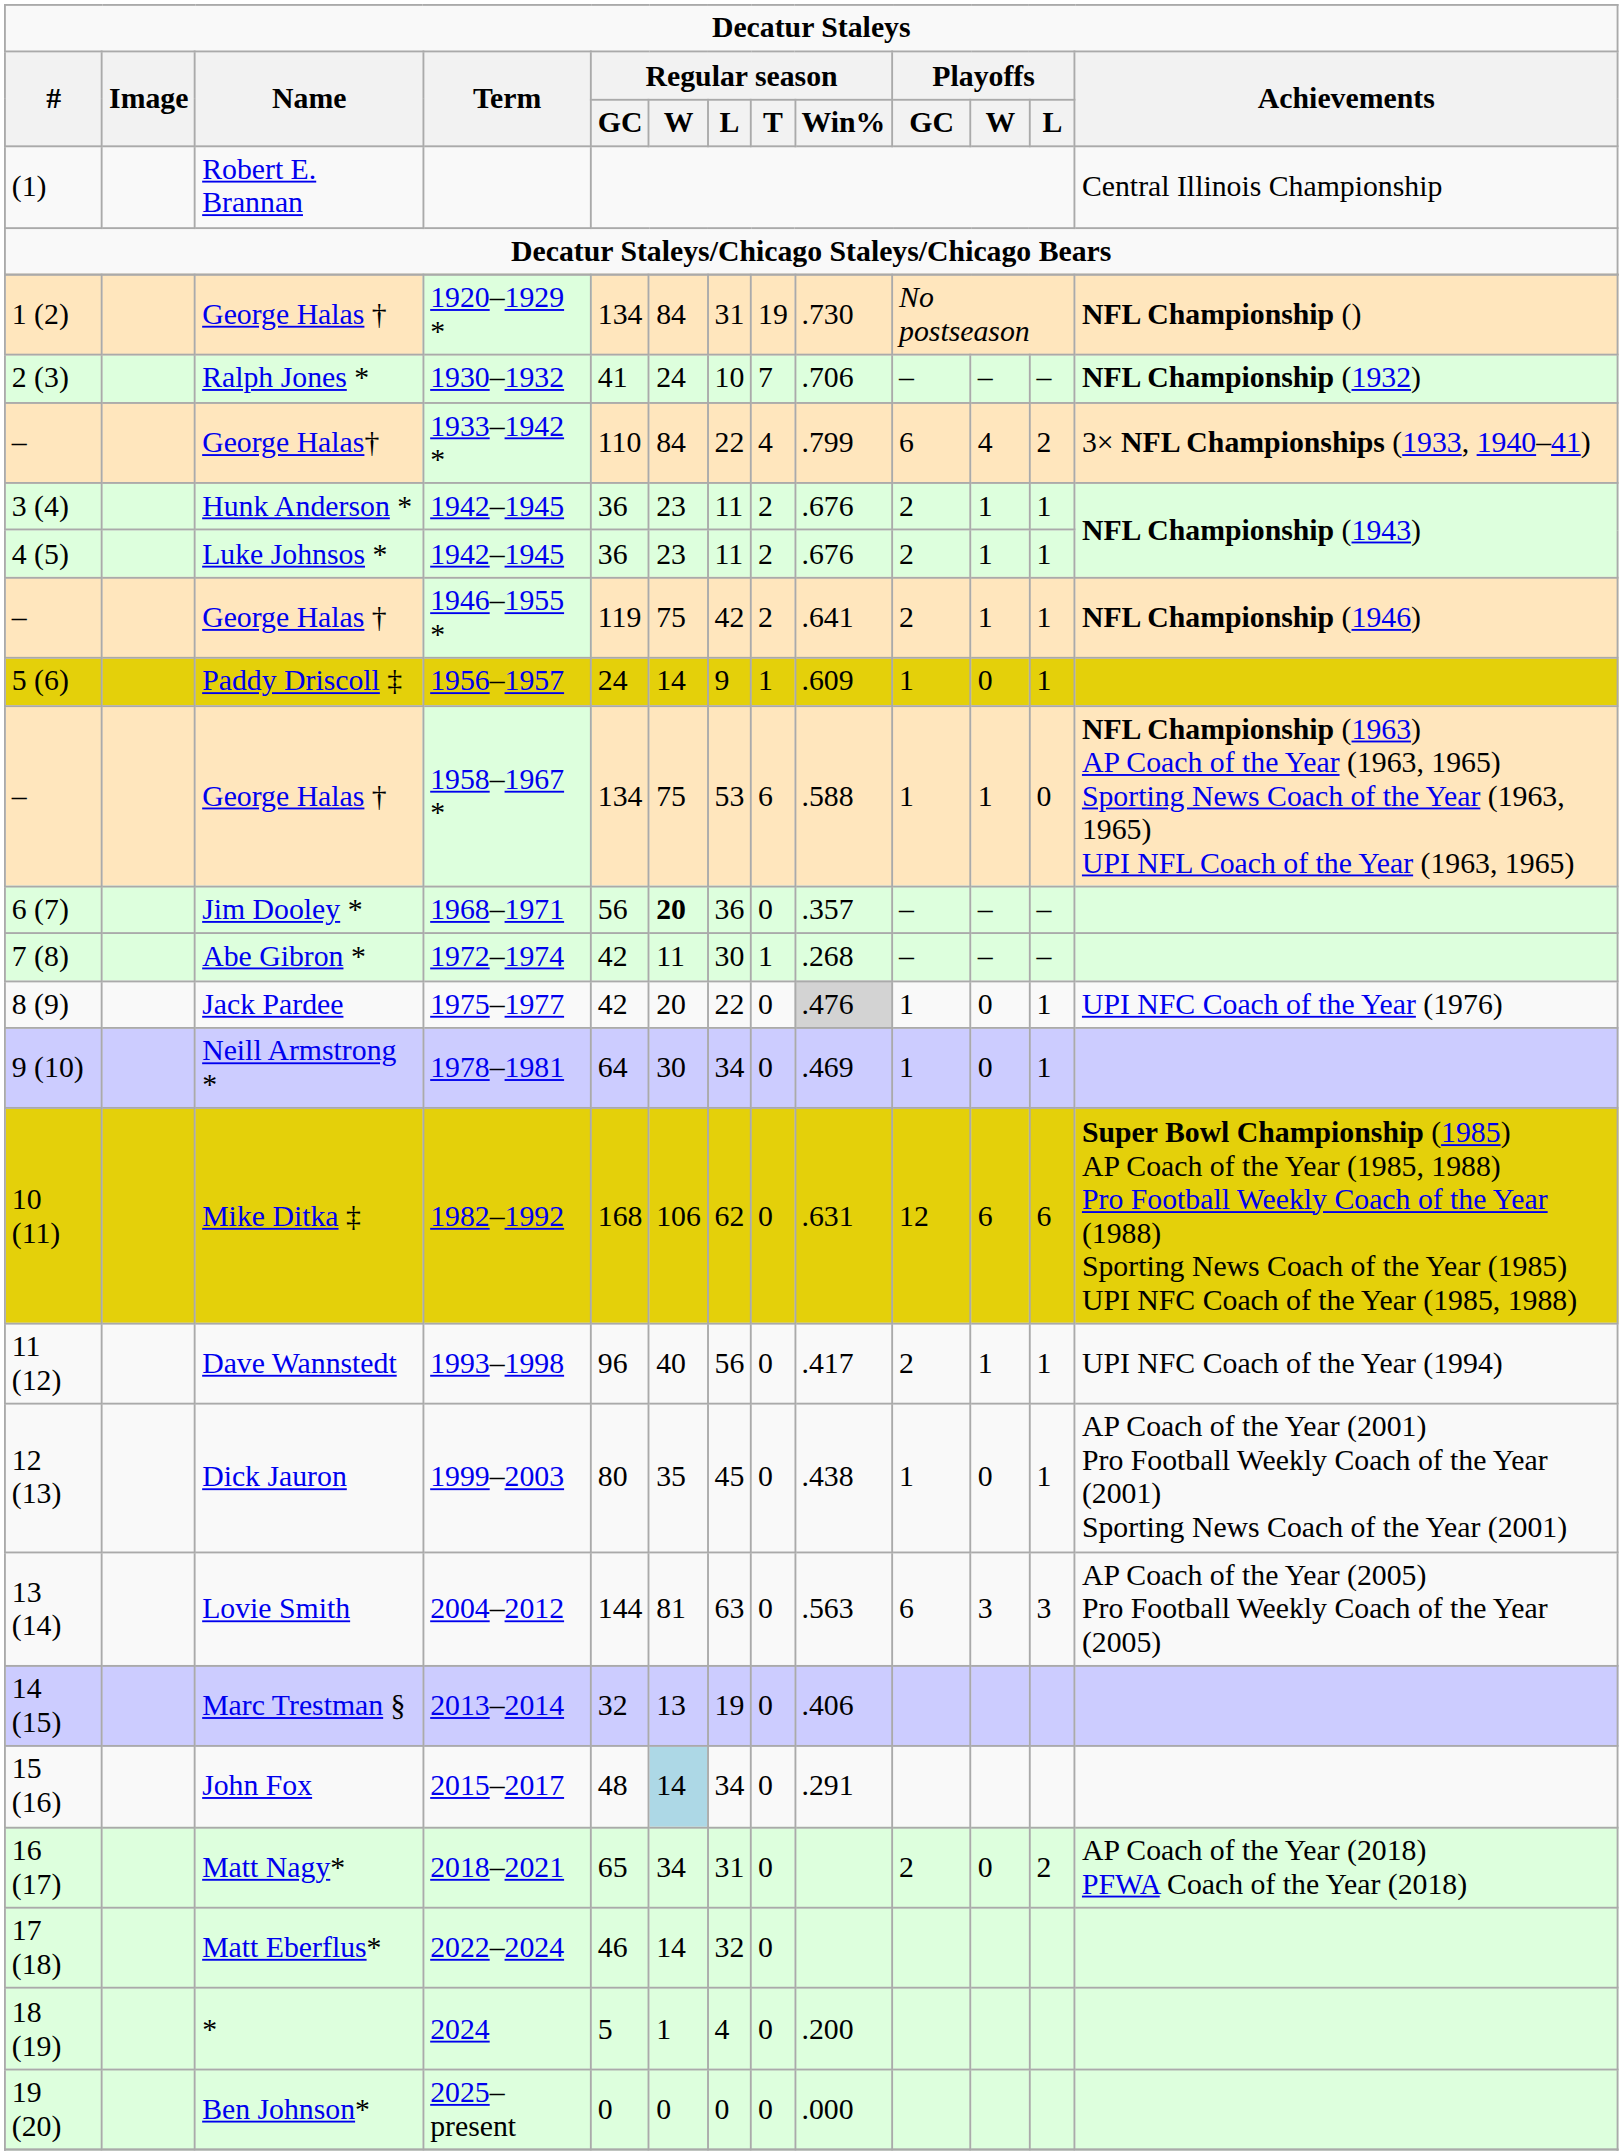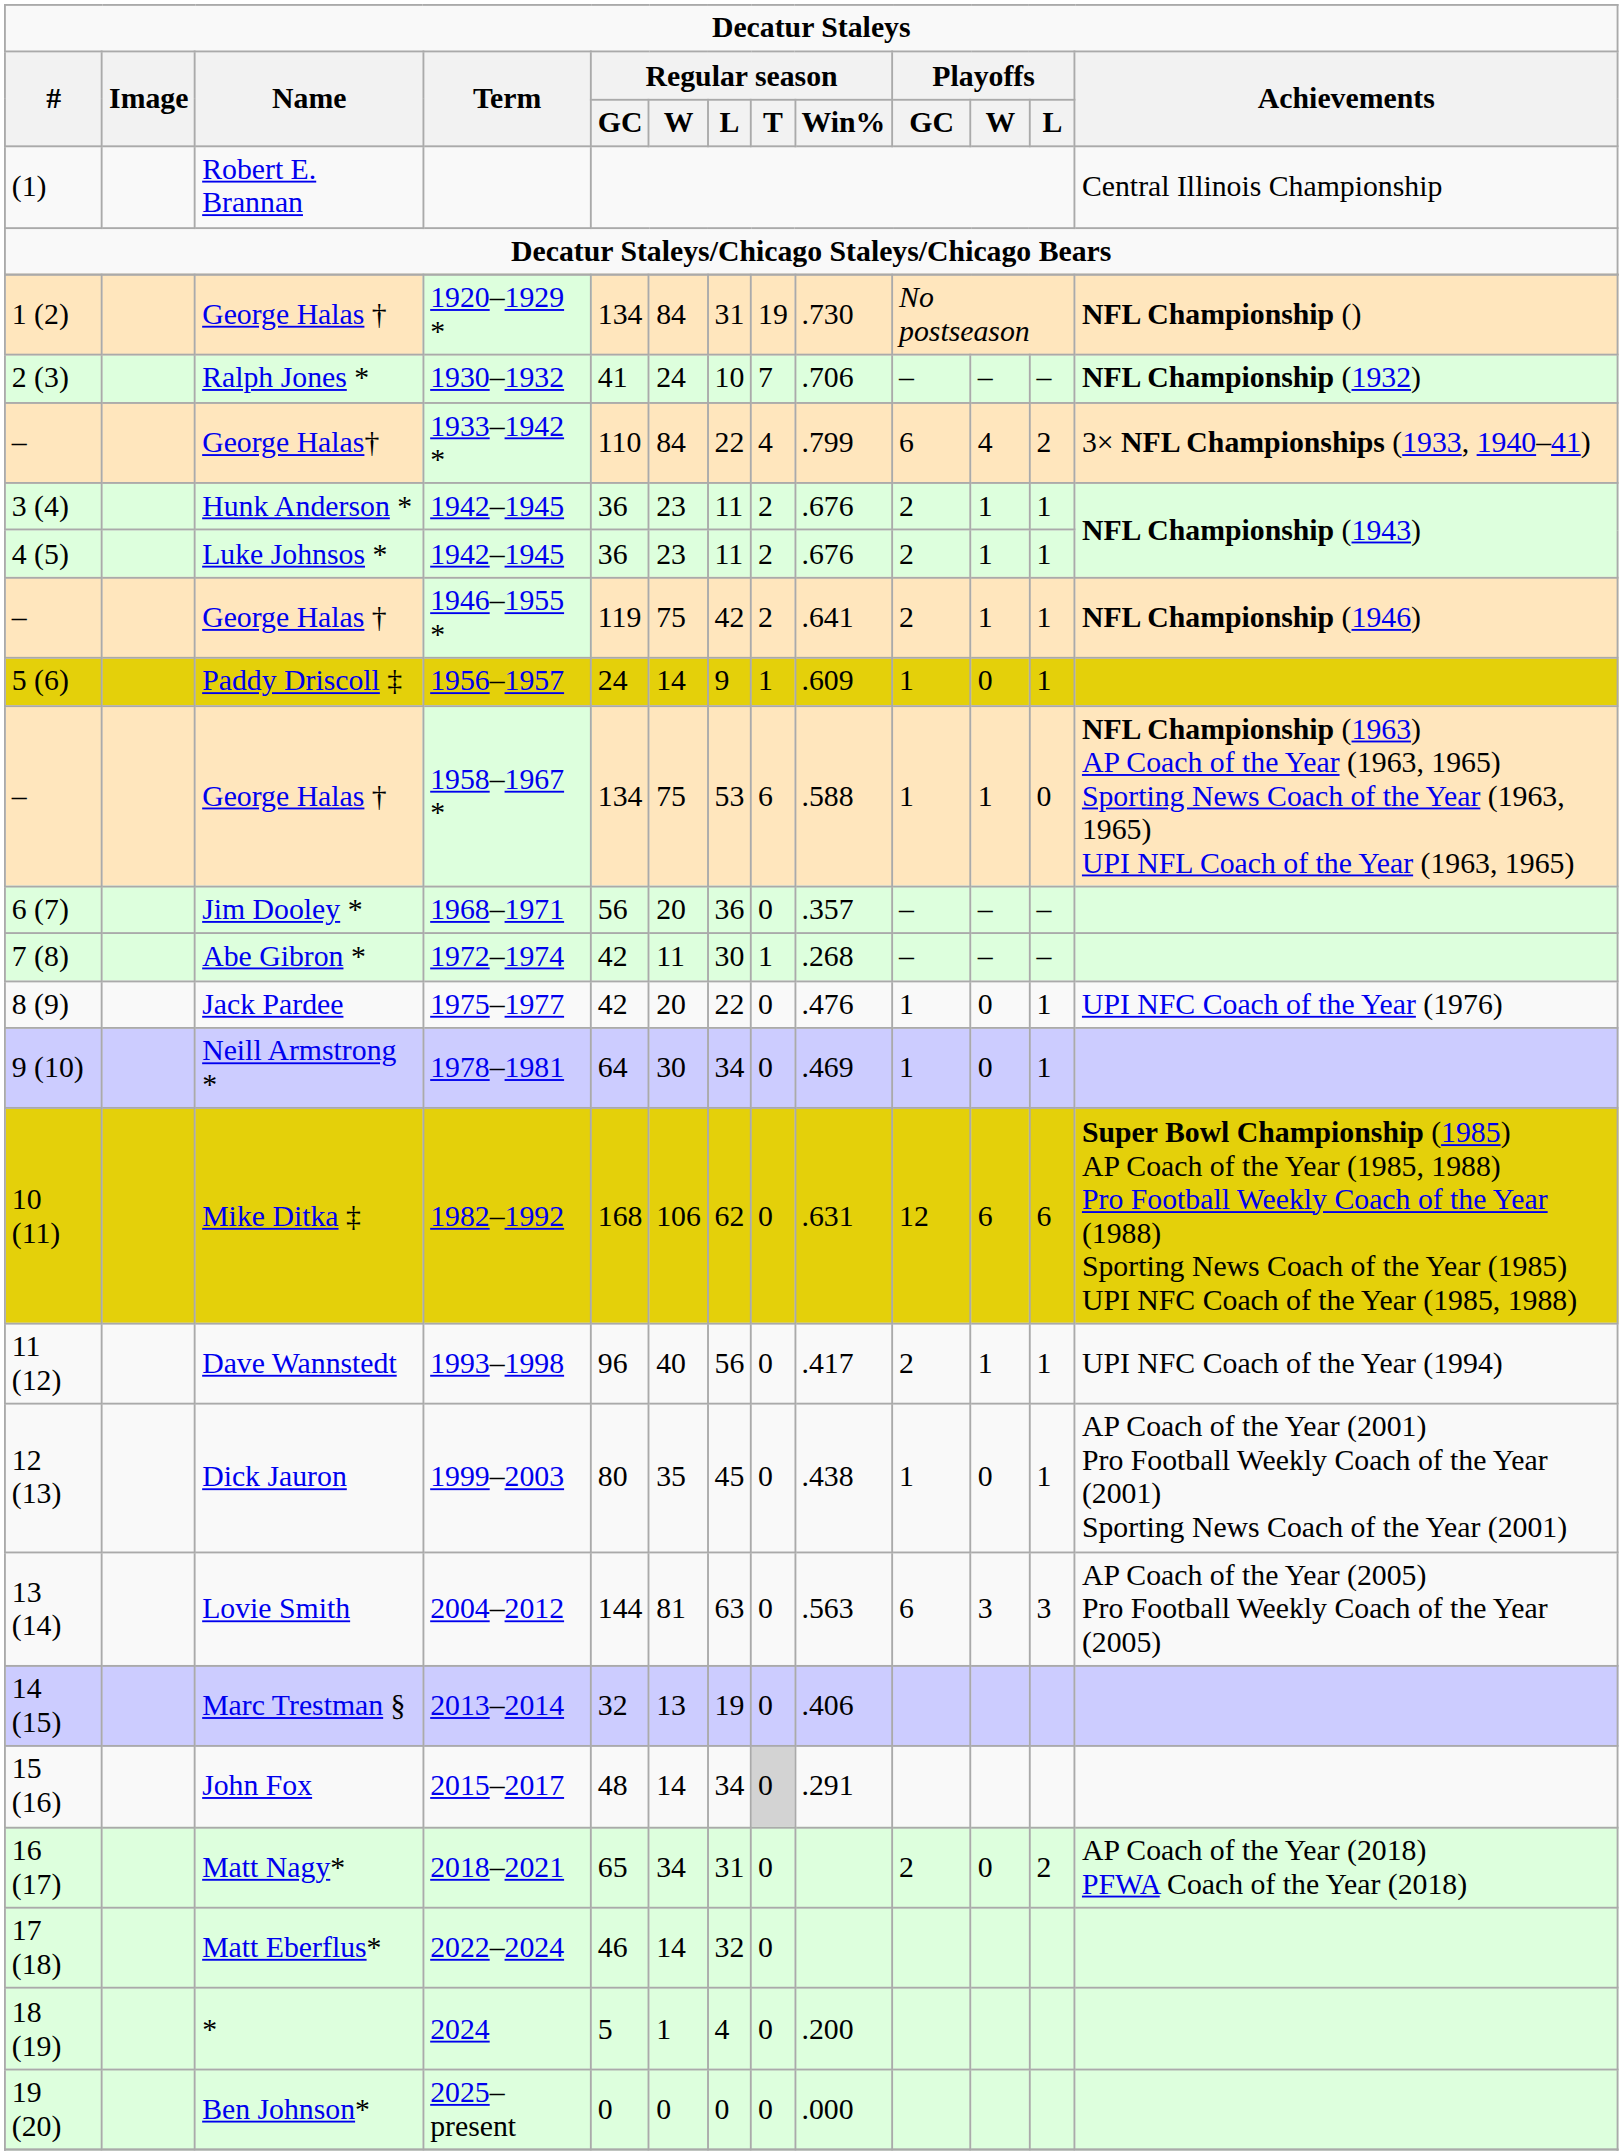 <table class="wikitable">
 <tr>
 <td align="center" colspan="19"><strong>Decatur Staleys</strong></td>
 </tr>
 <tr>
 <th rowspan="2">#</th>
 <th rowspan="2">Image</th>
 <th rowspan="2">Name</th>
 <th rowspan="2">Term</th>
 <th colspan="5">Regular season</th>
 <th colspan="3">Playoffs</th>
 <th rowspan="2">Achievements</th>
 </tr>
 <tr>
 <th>GC</th>
 <th>W</th>
 <th>L</th>
 <th>T</th>
 <th>Win%</th>
 <th>GC</th>
 <th>W</th>
 <th>L</th>
 </tr>
 <tr>
 <td>(1)</td>
 <td></td>
 <td><a href='#'>Robert E. Brannan</a></td>
 <td></td>
 <td rowspan="1" colspan="8"></td>
 <td>Central Illinois Championship</td>
 </tr>
 <tr>
 <td align="center" colspan="19"><strong>Decatur Staleys/Chicago Staleys/Chicago Bears</strong></td>
 </tr>
 <tr>
 </tr>
 <tr bgcolor="#FFE6BD">
 <td>1 (2)</td>
 <td></td>
 <td><a href='#'>George Halas</a> †</td>
 <td bgcolor="#ddffdd"><a href='#'>1920</a>–<a href='#'>1929</a> *</td>
 <td>134</td>
 <td>84</td>
 <td>31</td>
 <td>19</td>
 <td>.730</td>
 <td valign="middle" colspan="3"><em>No postseason</em></td>
 <td><strong>NFL Championship</strong> ()</td>
 </tr>
 <tr bgcolor="#ddffdd">
 <td>2 (3)</td>
 <td></td>
 <td><a href='#'>Ralph Jones</a> *</td>
 <td><a href='#'>1930</a>–<a href='#'>1932</a></td>
 <td>41</td>
 <td>24</td>
 <td>10</td>
 <td>7</td>
 <td>.706</td>
 <td>–</td>
 <td>–</td>
 <td>–</td>
 <td><strong>NFL Championship</strong> (<a href='#'>1932</a>)</td>
 </tr>
 <tr bgcolor="#FFE6BD">
 <td>–</td>
 <td></td>
 <td><a href='#'>George Halas</a>†</td>
 <td bgcolor="#ddffdd"><a href='#'>1933</a>–<a href='#'>1942</a> *</td>
 <td>110</td>
 <td>84</td>
 <td>22</td>
 <td>4</td>
 <td>.799</td>
 <td>6</td>
 <td>4</td>
 <td>2</td>
 <td>3× <strong>NFL Championships</strong> (<a href='#'>1933</a>, <a href='#'>1940</a>–<a href='#'>41</a>)</td>
 </tr>
 <tr bgcolor="#ddffdd">
 <td>3 (4)</td>
 <td></td>
 <td><a href='#'>Hunk Anderson</a> *</td>
 <td><a href='#'>1942</a>–<a href='#'>1945</a></td>
 <td>36</td>
 <td>23</td>
 <td>11</td>
 <td>2</td>
 <td>.676</td>
 <td>2</td>
 <td>1</td>
 <td>1</td>
 <td rowspan="2"><strong>NFL Championship</strong> (<a href='#'>1943</a>)</td>
 </tr>
 <tr bgcolor="#ddffdd">
 <td>4 (5)</td>
 <td></td>
 <td><a href='#'>Luke Johnsos</a> *</td>
 <td><a href='#'>1942</a>–<a href='#'>1945</a></td>
 <td>36</td>
 <td>23</td>
 <td>11</td>
 <td>2</td>
 <td>.676</td>
 <td>2</td>
 <td>1</td>
 <td>1</td>
 </tr>
 <tr bgcolor="#FFE6BD">
 <td>–</td>
 <td></td>
 <td><a href='#'>George Halas</a> †</td>
 <td bgcolor="#ddffdd"><a href='#'>1946</a>–<a href='#'>1955</a> *</td>
 <td>119</td>
 <td>75</td>
 <td>42</td>
 <td>2</td>
 <td>.641</td>
 <td>2</td>
 <td>1</td>
 <td>1</td>
 <td><strong>NFL Championship</strong> (<a href='#'>1946</a>)</td>
 </tr>
 <tr bgcolor="#E4D00A">
 <td>5 (6)</td>
 <td></td>
 <td><a href='#'>Paddy Driscoll</a> ‡</td>
 <td><a href='#'>1956</a>–<a href='#'>1957</a></td>
 <td>24</td>
 <td>14</td>
 <td>9</td>
 <td>1</td>
 <td>.609</td>
 <td>1</td>
 <td>0</td>
 <td>1</td>
 <td></td>
 </tr>
 <tr bgcolor="#FFE6BD">
 <td>–</td>
 <td></td>
 <td><a href='#'>George Halas</a> †</td>
 <td bgcolor="#ddffdd"><a href='#'>1958</a>–<a href='#'>1967</a> *</td>
 <td>134</td>
 <td>75</td>
 <td>53</td>
 <td>6</td>
 <td>.588</td>
 <td>1</td>
 <td>1</td>
 <td>0</td>
 <td><strong>NFL Championship</strong> (<a href='#'>1963</a>)<br> <a href='#'>AP Coach of the Year</a> (1963, 1965)<br> <a href='#'>Sporting News Coach of the Year</a> (1963, 1965)<br> <a href='#'>UPI NFL Coach of the Year</a> (1963, 1965)</td>
 </tr>
 <tr bgcolor="#ddffdd">
 <td>6 (7)</td>
 <td></td>
 <td><a href='#'>Jim Dooley</a> *</td>
 <td><a href='#'>1968</a>–<a href='#'>1971</a></td>
 <td>56</td>
-<td><strong>20</strong></td>
+<td>20</td>
 <td>36</td>
 <td>0</td>
 <td>.357</td>
 <td>–</td>
 <td>–</td>
 <td>–</td>
 <td></td>
 </tr>
 <tr bgcolor="#ddffdd">
 <td>7 (8)</td>
 <td></td>
 <td><a href='#'>Abe Gibron</a> *</td>
 <td><a href='#'>1972</a>–<a href='#'>1974</a></td>
 <td>42</td>
 <td>11</td>
 <td>30</td>
 <td>1</td>
 <td>.268</td>
 <td>–</td>
 <td>–</td>
 <td>–</td>
 <td></td>
 </tr>
 <tr>
 <td>8 (9)</td>
 <td></td>
 <td><a href='#'>Jack Pardee</a></td>
 <td><a href='#'>1975</a>–<a href='#'>1977</a></td>
 <td>42</td>
 <td>20</td>
 <td>22</td>
 <td>0</td>
-<td style="background: lightgrey;">.476</td>
+<td>.476</td>
 <td>1</td>
 <td>0</td>
 <td>1</td>
 <td><a href='#'>UPI NFC Coach of the Year</a> (1976)</td>
 </tr>
 <tr style="background-color:#CCCCFF">
 <td>9 (10)</td>
 <td></td>
 <td><a href='#'>Neill Armstrong</a> *</td>
 <td><a href='#'>1978</a>–<a href='#'>1981</a></td>
 <td>64</td>
 <td>30</td>
 <td>34</td>
 <td>0</td>
 <td>.469</td>
 <td>1</td>
 <td>0</td>
 <td>1</td>
 <td></td>
 </tr>
 <tr bgcolor="#E4D00A">
 <td>10 (11)</td>
 <td></td>
 <td><a href='#'>Mike Ditka</a> ‡</td>
 <td><a href='#'>1982</a>–<a href='#'>1992</a></td>
 <td>168</td>
 <td>106</td>
 <td>62</td>
 <td>0</td>
 <td>.631</td>
 <td>12</td>
 <td>6</td>
 <td>6</td>
 <td><strong>Super Bowl Championship</strong> (<a href='#'>1985</a>)<br>AP Coach of the Year (1985, 1988)<br> <a href='#'>Pro Football Weekly Coach of the Year</a> (1988)<br> Sporting News Coach of the Year (1985)<br> UPI NFC Coach of the Year (1985, 1988)</td>
 </tr>
 <tr>
 <td>11 (12)</td>
 <td></td>
 <td><a href='#'>Dave Wannstedt</a></td>
 <td><a href='#'>1993</a>–<a href='#'>1998</a></td>
 <td>96</td>
 <td>40</td>
 <td>56</td>
 <td>0</td>
 <td>.417</td>
 <td>2</td>
 <td>1</td>
 <td>1</td>
 <td>UPI NFC Coach of the Year (1994)</td>
 </tr>
 <tr>
 <td>12 (13)</td>
 <td></td>
 <td><a href='#'>Dick Jauron</a></td>
 <td><a href='#'>1999</a>–<a href='#'>2003</a></td>
 <td>80</td>
 <td>35</td>
 <td>45</td>
 <td>0</td>
 <td>.438</td>
 <td>1</td>
 <td>0</td>
 <td>1</td>
 <td>AP Coach of the Year (2001)<br>Pro Football Weekly Coach of the Year (2001)<br>Sporting News Coach of the Year (2001)</td>
 </tr>
 <tr>
 <td>13 (14)</td>
 <td></td>
 <td><a href='#'>Lovie Smith</a></td>
 <td><a href='#'>2004</a>–<a href='#'>2012</a></td>
 <td>144</td>
 <td>81</td>
 <td>63</td>
 <td>0</td>
 <td>.563</td>
 <td>6</td>
 <td>3</td>
 <td>3</td>
 <td>AP Coach of the Year (2005)<br> Pro Football Weekly Coach of the Year (2005)</td>
 </tr>
 <tr style="background-color:#CCCCFF">
 <td>14 (15)</td>
 <td></td>
 <td><a href='#'>Marc Trestman</a> §</td>
 <td><a href='#'>2013</a>–<a href='#'>2014</a></td>
 <td>32</td>
 <td>13</td>
 <td>19</td>
 <td>0</td>
 <td>.406</td>
 <td></td>
 <td></td>
 <td></td>
 <td></td>
 </tr>
 <tr>
 <td>15 (16)</td>
 <td></td>
 <td><a href='#'>John Fox</a></td>
 <td><a href='#'>2015</a>–<a href='#'>2017</a></td>
 <td>48</td>
-<td style="background: lightblue;">14</td>
+<td>14</td>
 <td>34</td>
-<td>0</td>
+<td style="background: lightgrey;">0</td>
 <td>.291</td>
 <td></td>
 <td></td>
 <td></td>
 <td></td>
 </tr>
 <tr bgcolor="#ddffdd">
 <td>16 (17)</td>
 <td></td>
 <td><a href='#'>Matt Nagy</a>*</td>
 <td><a href='#'>2018</a>–<a href='#'>2021</a></td>
 <td>65</td>
 <td>34</td>
 <td>31</td>
 <td>0</td>
 <td></td>
 <td>2</td>
 <td>0</td>
 <td>2</td>
 <td>AP Coach of the Year (2018)<br><a href='#'>PFWA</a> Coach of the Year (2018)</td>
 </tr>
 <tr bgcolor="#ddffdd">
 <td>17 (18)</td>
 <td></td>
 <td><a href='#'>Matt Eberflus</a>*</td>
 <td><a href='#'>2022</a>–<a href='#'>2024</a></td>
 <td>46</td>
 <td>14</td>
 <td>32</td>
 <td>0</td>
 <td></td>
 <td></td>
 <td></td>
 <td></td>
 <td></td>
 </tr>
 <tr bgcolor="#ddffdd">
 <td>18 (19)</td>
 <td></td>
 <td>*</td>
 <td><a href='#'>2024</a></td>
 <td>5</td>
 <td>1</td>
 <td>4</td>
 <td>0</td>
 <td>.200</td>
 <td></td>
 <td></td>
 <td></td>
 <td></td>
 </tr>
 <tr bgcolor="#ddffdd">
 <td>19 (20)</td>
 <td></td>
 <td><a href='#'>Ben Johnson</a>*</td>
 <td><a href='#'>2025</a>–present</td>
 <td>0</td>
 <td>0</td>
 <td>0</td>
 <td>0</td>
 <td>.000</td>
 <td></td>
 <td></td>
 <td></td>
 <td></td>
 </tr>
 <tr>
 </tr>
 <tr>
 </tr>
 </table>
